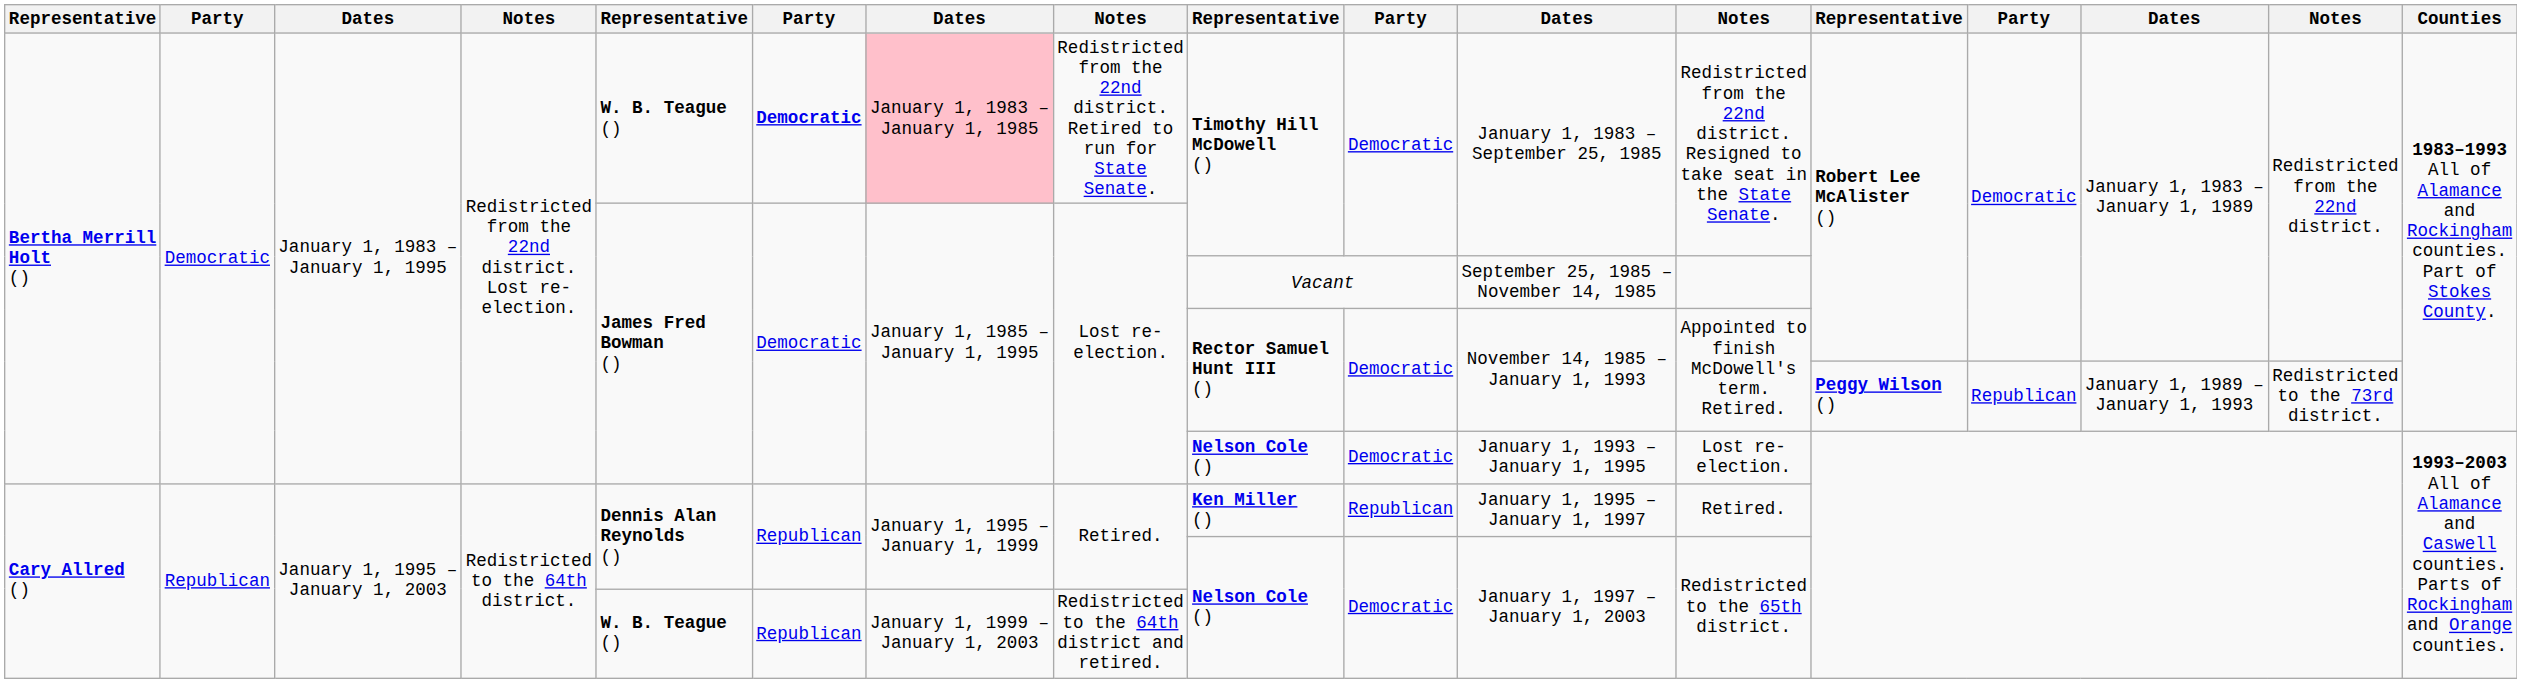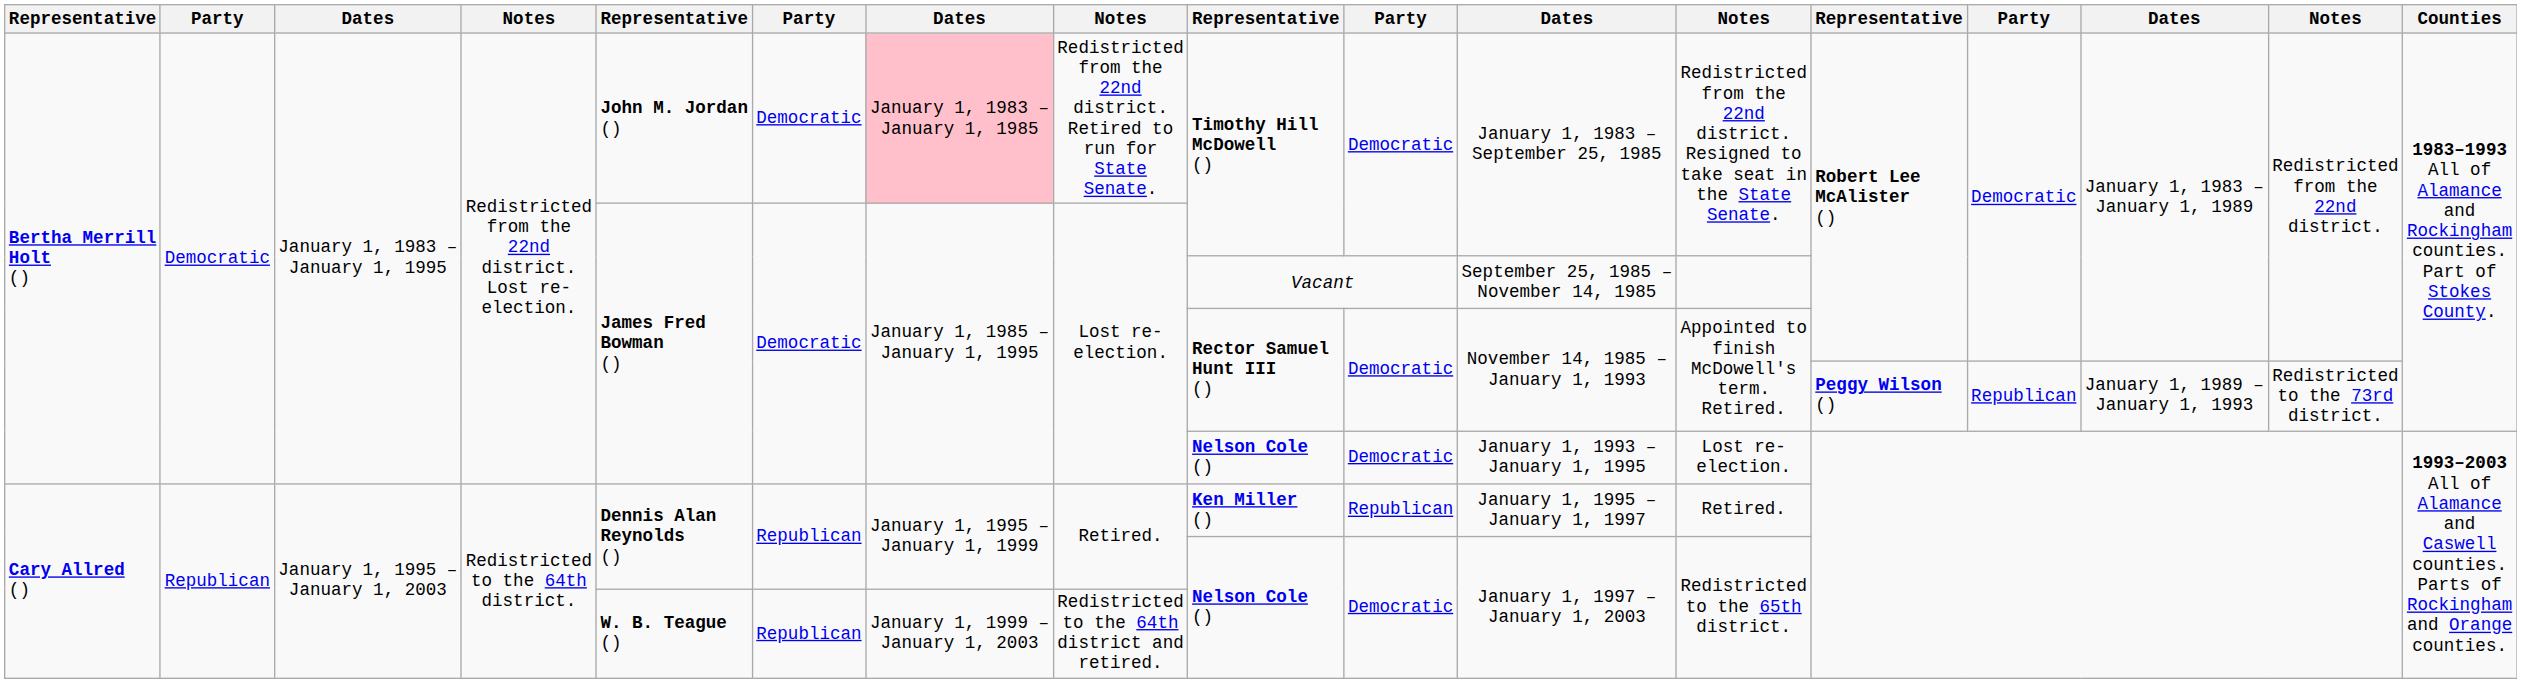 <table class=wikitable style="text-align:center">
 <tr>
 <th>Representative</th>
 <th>Party</th>
 <th>Dates</th>
 <th>Notes</th>
 <th>Representative</th>
 <th>Party</th>
 <th>Dates</th>
 <th>Notes</th>
 <th>Representative</th>
 <th>Party</th>
 <th>Dates</th>
 <th>Notes</th>
 <th>Representative</th>
 <th>Party</th>
 <th>Dates</th>
 <th>Notes</th>
 <th>Counties</th>
 </tr>
 <tr style="height:3em">
 <td rowspan=6 align=left><strong><a href='#'>Bertha Merrill Holt</a></strong><br>()</td>
 <td rowspan=6 ><a href='#'>Democratic</a></td>
 <td rowspan=6 nowrap>January 1, 1983 – <br> January 1, 1995</td>
 <td rowspan=6>Redistricted from the <a href='#'>22nd</a> district. <br> Lost re-election.</td>
-<td align=left><strong>W. B. Teague </strong><br>()</td>
-<td><strong><a href='#'>Democratic</a></strong></td>
+<td align=left><strong>John M. Jordan</strong><br>()</td>
+<td><a href='#'>Democratic</a></td>
 <td nowrap style="background: pink;">January 1, 1983 – <br> January 1, 1985</td>
 <td>Redistricted from the <a href='#'>22nd</a> district. <br>Retired to run for <a href='#'>State Senate</a>.</td>
 <td rowspan=2 align=left><strong>Timothy Hill McDowell</strong><br>()</td>
 <td rowspan=2 ><a href='#'>Democratic</a></td>
 <td rowspan=2 nowrap>January 1, 1983 – <br> September 25, 1985</td>
 <td rowspan=2>Redistricted from the <a href='#'>22nd</a> district. <br> Resigned to take seat in the <a href='#'>State Senate</a>.</td>
 <td rowspan=4 align=left><strong>Robert Lee McAlister</strong><br>()</td>
 <td rowspan=4 ><a href='#'>Democratic</a></td>
 <td rowspan=4 nowrap>January 1, 1983 – <br> January 1, 1989</td>
 <td rowspan=4>Redistricted from the <a href='#'>22nd</a> district.</td>
 <td rowspan=5><strong>1983–1993</strong> All of <a href='#'>Alamance</a> and <a href='#'>Rockingham</a> counties. Part of <a href='#'>Stokes County</a>.</td>
 </tr>
 <tr style="height:3em">
 <td rowspan=5 align=left><strong>James Fred Bowman</strong><br>()</td>
 <td rowspan=5 ><a href='#'>Democratic</a></td>
 <td rowspan=5 nowrap>January 1, 1985 – <br> January 1, 1995</td>
 <td rowspan=5>Lost re-election.</td>
 </tr>
 <tr style="height:3em">
 <td colspan=2><em>Vacant</em></td>
 <td nowrap>September 25, 1985 – <br> November 14, 1985</td>
 <td></td>
 </tr>
 <tr style="height:3em">
 <td rowspan=2 align=left><strong>Rector Samuel Hunt III</strong><br>()</td>
 <td rowspan=2 ><a href='#'>Democratic</a></td>
 <td rowspan=2 nowrap>November 14, 1985 – <br> January 1, 1993</td>
 <td rowspan=2>Appointed to finish McDowell's term. <br> Retired.</td>
 </tr>
 <tr style="height:3em">
 <td align=left><strong><a href='#'>Peggy Wilson</a></strong><br>()</td>
 <td><a href='#'>Republican</a></td>
 <td nowrap>January 1, 1989 – <br> January 1, 1993</td>
 <td>Redistricted to the <a href='#'>73rd</a> district.</td>
 </tr>
 <tr style="height:3em">
 <td align=left><strong><a href='#'>Nelson Cole</a></strong><br>()</td>
 <td><a href='#'>Democratic</a></td>
 <td nowrap>January 1, 1993 – <br> January 1, 1995</td>
 <td>Lost re-election.</td>
 <td colspan=4 rowspan=4></td>
 <td rowspan=4><strong>1993–2003</strong><br> All of <a href='#'>Alamance</a> and <a href='#'>Caswell</a> counties. Parts of <a href='#'>Rockingham</a> and <a href='#'>Orange</a> counties.</td>
 </tr>
 <tr style="height:3em">
 <td rowspan=3 align=left><strong><a href='#'>Cary Allred</a></strong><br>()</td>
 <td rowspan=3 ><a href='#'>Republican</a></td>
 <td rowspan=3 nowrap>January 1, 1995 – <br> January 1, 2003</td>
 <td rowspan=3>Redistricted to the <a href='#'>64th</a> district.</td>
 <td rowspan=2 align=left><strong>Dennis Alan Reynolds</strong><br>()</td>
 <td rowspan=2 ><a href='#'>Republican</a></td>
 <td rowspan=2 nowrap>January 1, 1995 – <br> January 1, 1999</td>
 <td rowspan=2>Retired.</td>
 <td align=left><strong><a href='#'>Ken Miller</a></strong><br>()</td>
 <td><a href='#'>Republican</a></td>
 <td nowrap>January 1, 1995 – <br> January 1, 1997</td>
 <td>Retired.</td>
 </tr>
 <tr style="height:3em">
 <td rowspan=2 align=left><strong><a href='#'>Nelson Cole</a></strong><br>()</td>
 <td rowspan=2 ><a href='#'>Democratic</a></td>
 <td rowspan=2 nowrap>January 1, 1997 – <br> January 1, 2003</td>
 <td rowspan=2>Redistricted to the <a href='#'>65th</a> district.</td>
 </tr>
 <tr style="height:3em">
 <td align=left><strong>W. B. Teague </strong><br>()</td>
 <td><a href='#'>Republican</a></td>
 <td nowrap>January 1, 1999 – <br> January 1, 2003</td>
 <td>Redistricted to the <a href='#'>64th</a> district and retired.</td>
 </tr>
 </table>
